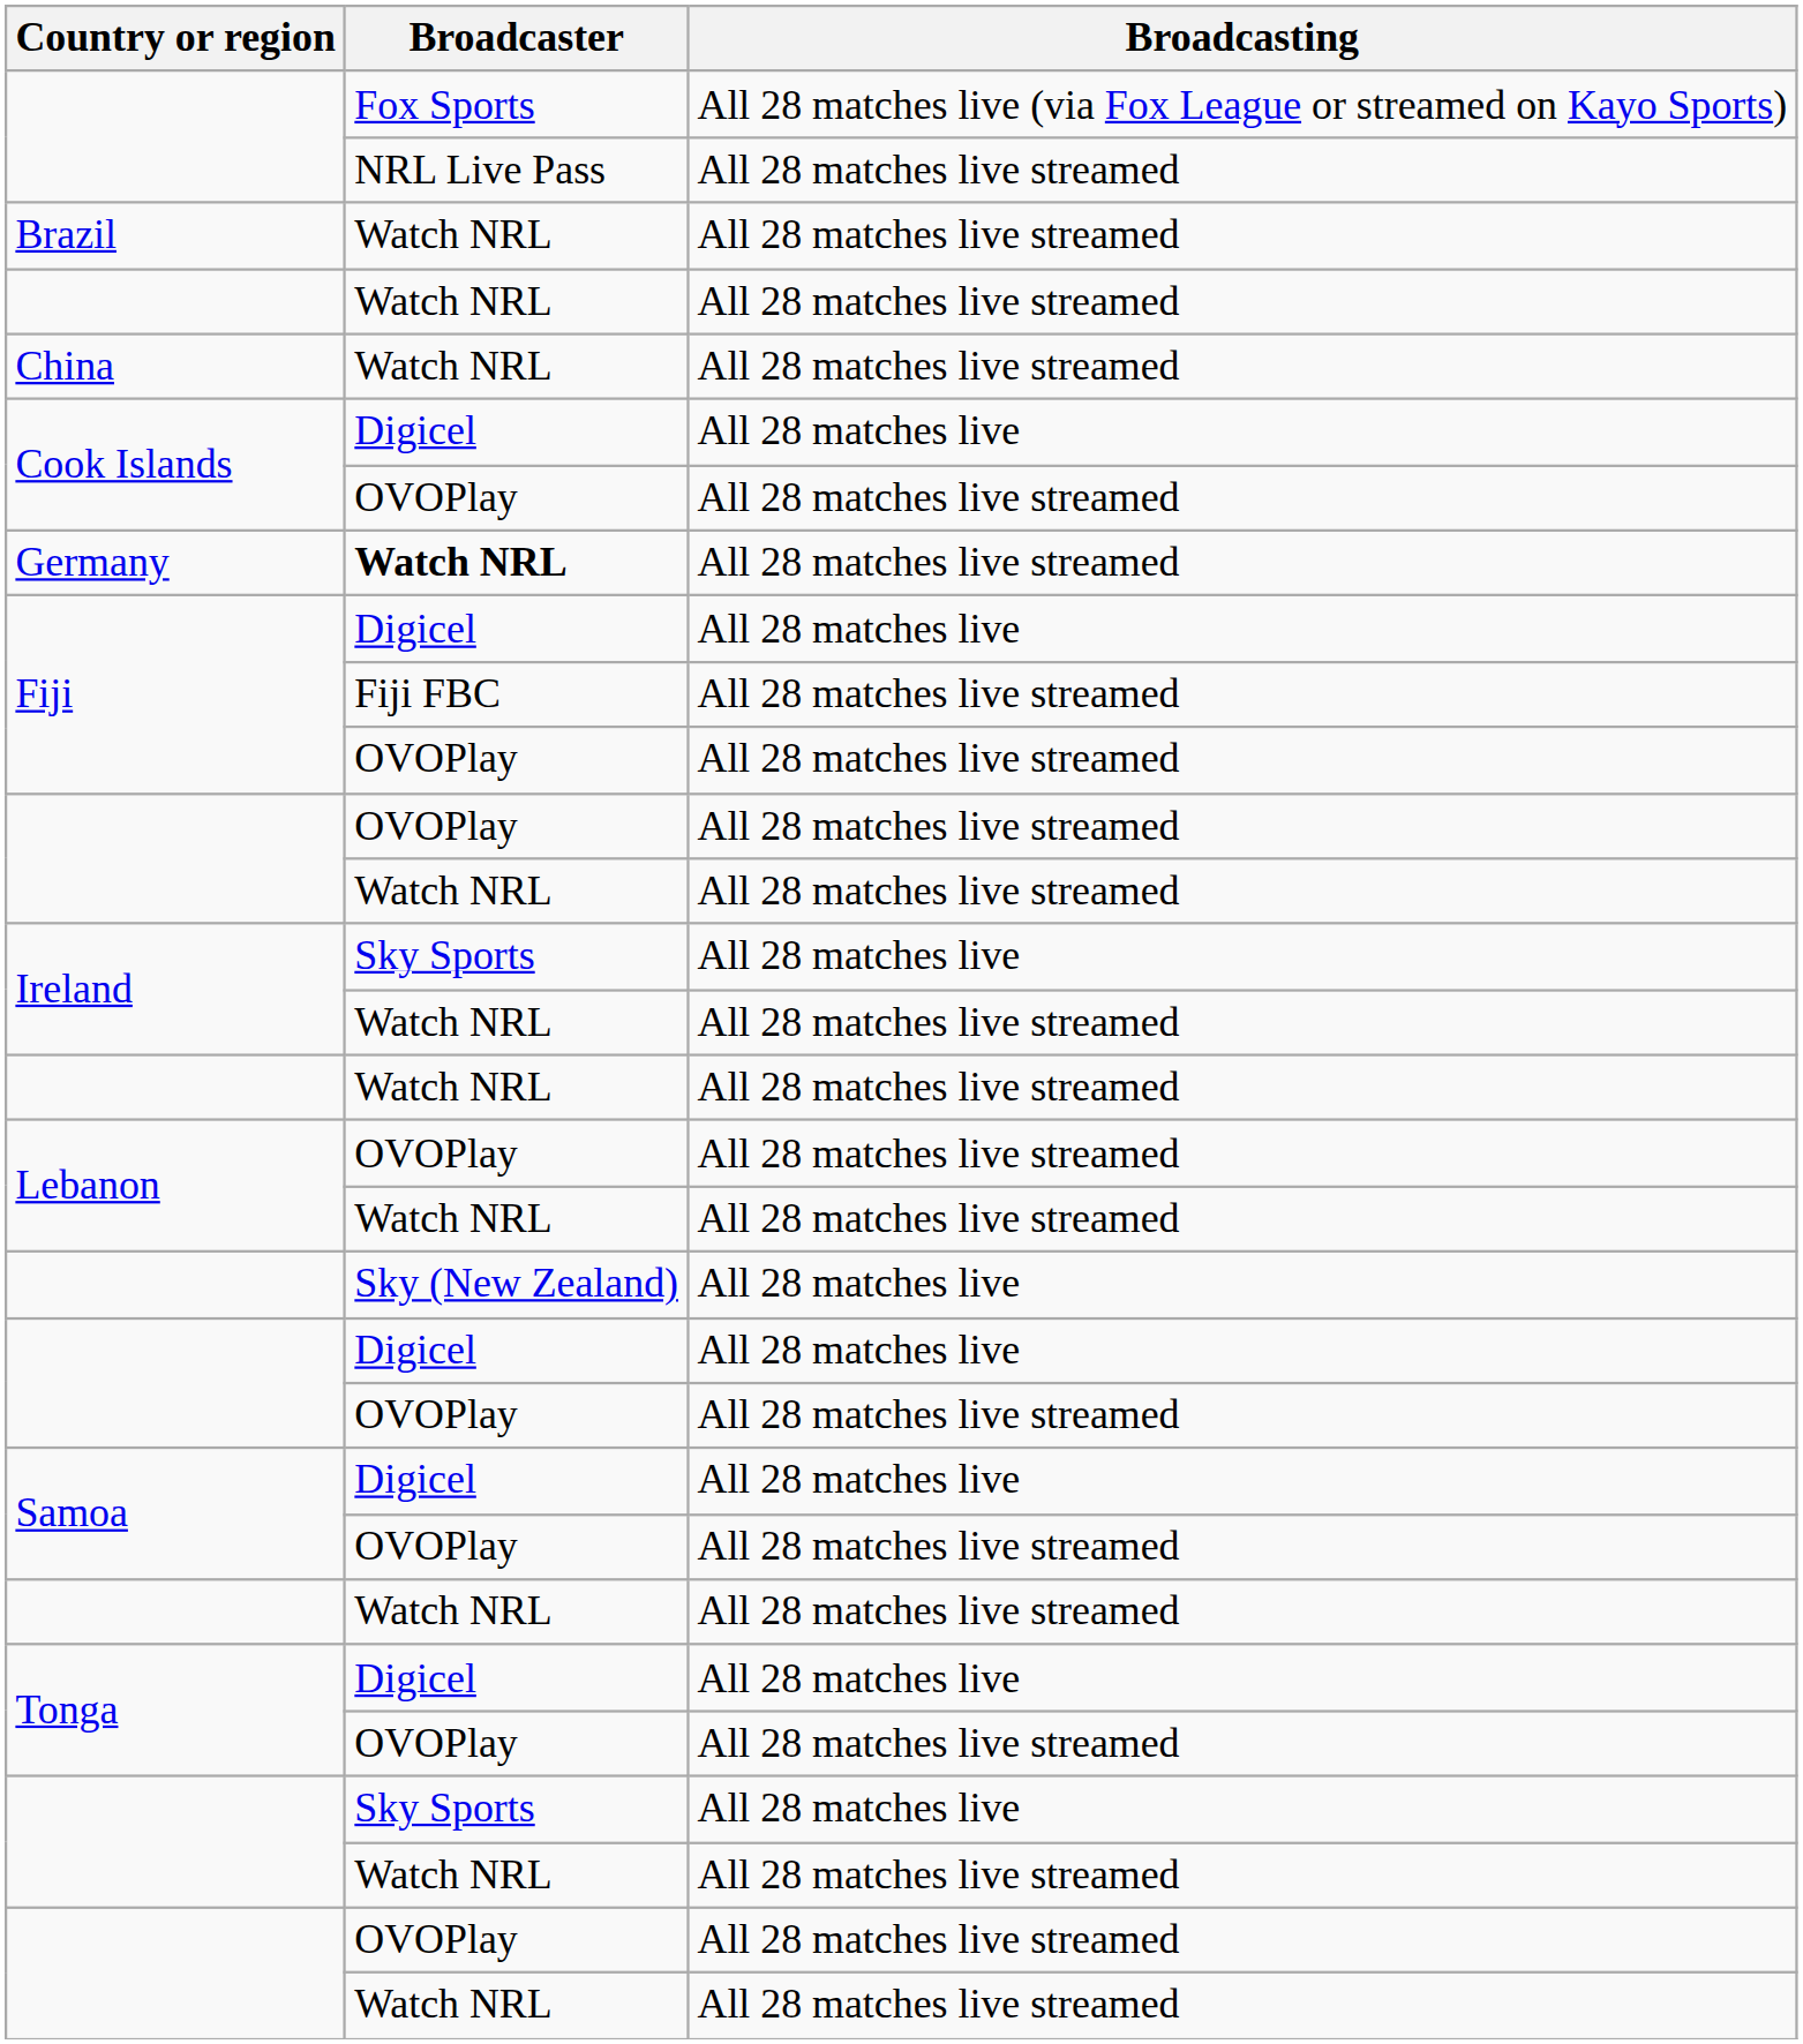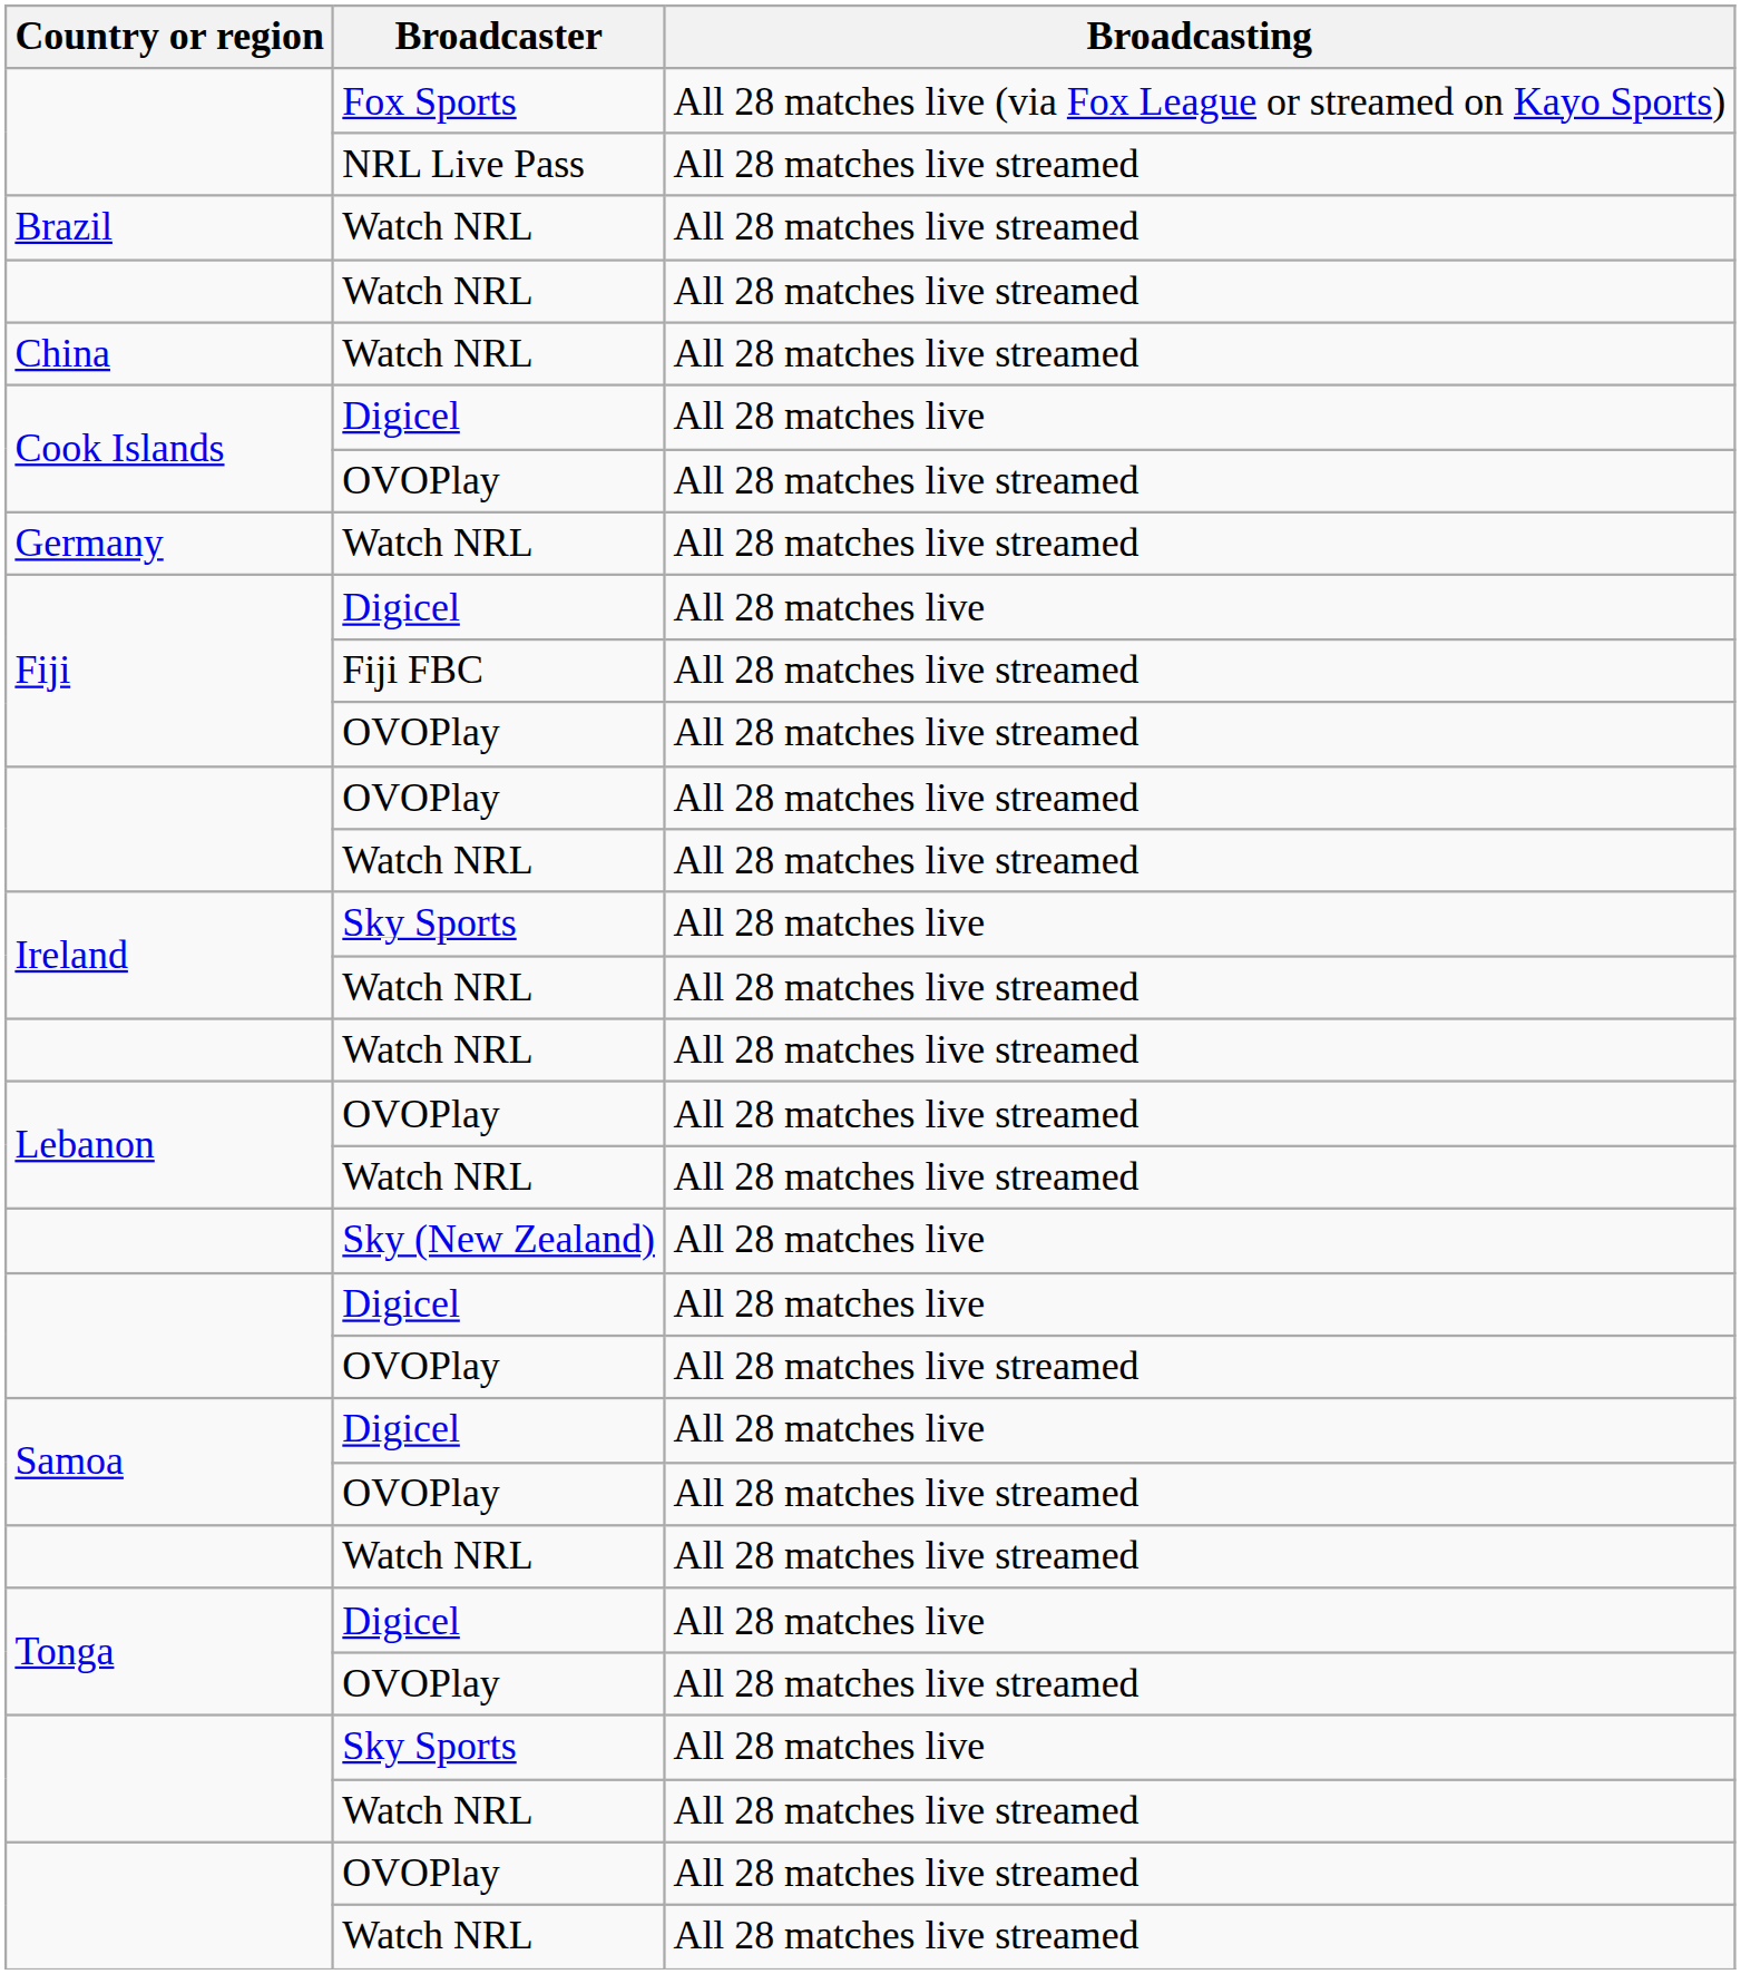 <table class="wikitable">
 <tr>
 <th>Country or region</th>
 <th>Broadcaster</th>
 <th>Broadcasting</th>
 </tr>
 <tr>
 <td rowspan="2"></td>
 <td><a href='#'>Fox Sports</a></td>
 <td>All 28 matches live (via <a href='#'>Fox League</a> or streamed on <a href='#'>Kayo Sports</a>)</td>
 </tr>
 <tr>
 <td>NRL Live Pass</td>
 <td>All 28 matches live streamed</td>
 </tr>
 <tr>
 <td> <a href='#'>Brazil</a></td>
 <td>Watch NRL</td>
 <td>All 28 matches live streamed</td>
 </tr>
 <tr>
 <td></td>
 <td>Watch NRL</td>
 <td>All 28 matches live streamed</td>
 </tr>
 <tr>
 <td> <a href='#'>China</a></td>
 <td>Watch NRL</td>
 <td>All 28 matches live streamed</td>
 </tr>
 <tr>
 <td rowspan="2"> <a href='#'>Cook Islands</a></td>
 <td><a href='#'>Digicel</a></td>
 <td>All 28 matches live</td>
 </tr>
 <tr>
 <td>OVOPlay</td>
 <td>All 28 matches live streamed</td>
 </tr>
 <tr>
 <td> <a href='#'>Germany</a></td>
-<td><strong>Watch NRL</strong></td>
+<td>Watch NRL</td>
 <td>All 28 matches live streamed</td>
 </tr>
 <tr>
 <td rowspan="3"> <a href='#'>Fiji</a></td>
 <td><a href='#'>Digicel</a></td>
 <td>All 28 matches live</td>
 </tr>
 <tr>
 <td>Fiji FBC</td>
 <td>All 28 matches live streamed</td>
 </tr>
 <tr>
 <td>OVOPlay</td>
 <td>All 28 matches live streamed</td>
 </tr>
 <tr>
 <td rowspan="2"></td>
 <td>OVOPlay</td>
 <td>All 28 matches live streamed</td>
 </tr>
 <tr>
 <td>Watch NRL</td>
 <td>All 28 matches live streamed</td>
 </tr>
 <tr>
 <td rowspan="2"> <a href='#'>Ireland</a></td>
 <td><a href='#'>Sky Sports</a></td>
 <td>All 28 matches live</td>
 </tr>
 <tr>
 <td>Watch NRL</td>
 <td>All 28 matches live streamed</td>
 </tr>
 <tr>
 <td></td>
 <td>Watch NRL</td>
 <td>All 28 matches live streamed</td>
 </tr>
 <tr>
 <td rowspan="2"> <a href='#'>Lebanon</a></td>
 <td>OVOPlay</td>
 <td>All 28 matches live streamed</td>
 </tr>
 <tr>
 <td>Watch NRL</td>
 <td>All 28 matches live streamed</td>
 </tr>
 <tr>
 <td></td>
 <td><a href='#'>Sky (New Zealand)</a></td>
 <td>All 28 matches live</td>
 </tr>
 <tr>
 <td rowspan="2"></td>
 <td><a href='#'>Digicel</a></td>
 <td>All 28 matches live</td>
 </tr>
 <tr>
 <td>OVOPlay</td>
 <td>All 28 matches live streamed</td>
 </tr>
 <tr>
 <td rowspan="2"> <a href='#'>Samoa</a></td>
 <td><a href='#'>Digicel</a></td>
 <td>All 28 matches live</td>
 </tr>
 <tr>
 <td>OVOPlay</td>
 <td>All 28 matches live streamed</td>
 </tr>
 <tr>
 <td></td>
 <td>Watch NRL</td>
 <td>All 28 matches live streamed</td>
 </tr>
 <tr>
 <td rowspan="2"> <a href='#'>Tonga</a></td>
 <td><a href='#'>Digicel</a></td>
 <td>All 28 matches live</td>
 </tr>
 <tr>
 <td>OVOPlay</td>
 <td>All 28 matches live streamed</td>
 </tr>
 <tr>
 <td rowspan="2"></td>
 <td><a href='#'>Sky Sports</a></td>
 <td>All 28 matches live</td>
 </tr>
 <tr>
 <td>Watch NRL</td>
 <td>All 28 matches live streamed</td>
 </tr>
 <tr>
 <td rowspan="2"></td>
 <td>OVOPlay</td>
 <td>All 28 matches live streamed</td>
 </tr>
 <tr>
 <td>Watch NRL</td>
 <td>All 28 matches live streamed</td>
 </tr>
 </table>
